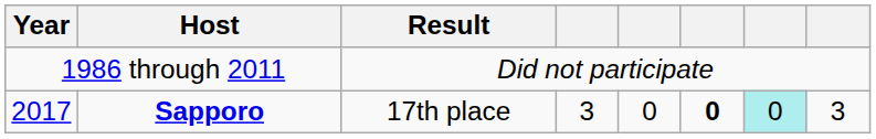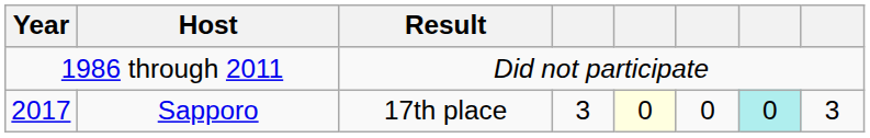 <table class="wikitable" style="text-align:center">
 <tr>
 <th width=30>Year</th>
 <th width=150>Host</th>
 <th width=120>Result</th>
 <th width=30></th>
 <th width=30></th>
 <th width=30></th>
 <th width=30></th>
 <th width=30></th>
 </tr>
 <tr>
 <td colspan=2><a href='#'>1986</a> through <a href='#'>2011</a></td>
 <td colspan=6><em>Did not participate</em></td>
 </tr>
 <tr>
 <td><a href='#'>2017</a></td>
-<td><strong> <a href='#'>Sapporo</a></strong></td>
+<td> <a href='#'>Sapporo</a></td>
 <td>17th place<br></td>
 <td>3</td>
+<td style="background: lightyellow;">0</td>
 <td>0</td>
-<td><strong>0</strong></td>
 <td style="background: paleturquoise;">0</td>
 <td>3</td>
 </tr>
 </table>
